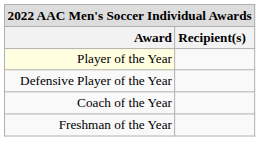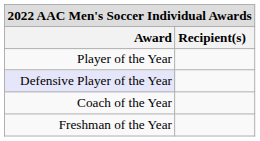 <table class="wikitable" style="white-space:nowrap; font-size:90%;">
 <tr>
 <td colspan="7" style="text-align:center; background:#ddd;"><strong>2022 AAC Men's Soccer Individual Awards</strong></td>
 </tr>
 <tr>
 <th style="text-align:right;">Award</th>
 <th style="text-align:left;">Recipient(s)</th>
 </tr>
 <tr>
-<td style="background: lightyellow; text-align:right;">Player of the Year</td>
+<td style="text-align:right;">Player of the Year</td>
 <td style="text-align:left;"></td>
 </tr>
 <tr>
-<td style="text-align:right;">Defensive Player of the Year</td>
+<td style="background: lavender; text-align:right;">Defensive Player of the Year</td>
 <td style="text-align:left;"></td>
 </tr>
 <tr>
 <td style="text-align:right;">Coach of the Year</td>
 <td style="text-align:left;"></td>
 </tr>
 <tr>
 <td style="text-align:right;">Freshman of the Year</td>
 <td style="text-align:left;"></td>
 </tr>
 </table>
